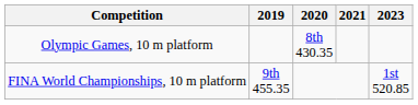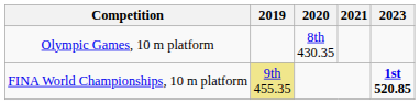 <table class="wikitable" style="text-align:center;">
 <tr>
 <th>Competition</th>
 <th>2019</th>
 <th>2020</th>
 <th>2021</th>
 <th>2023</th>
 </tr>
 <tr>
 <td><a href='#'>Olympic Games</a>, 10 m platform</td>
 <td colspan="1"></td>
 <td><a href='#'>8th</a><br>430.35</td>
 <td colspan="1"></td>
 </tr>
 <tr>
 <td><a href='#'>FINA World Championships</a>, 10 m platform</td>
-<td><a href='#'>9th</a><br>455.35</td>
+<td style="background: khaki;"><a href='#'>9th</a><br>455.35</td>
 <td colspan="2"></td>
-<td><a href='#'>1st</a><br>520.85</td>
+<td><strong><a href='#'>1st</a><br>520.85</strong></td>
 </tr>
 </table>
